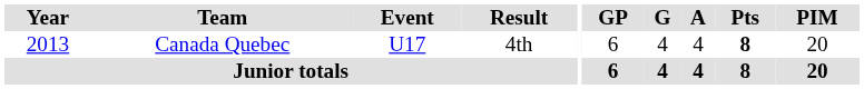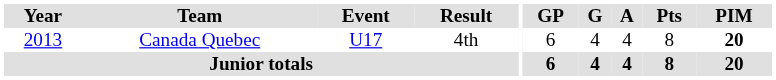 <table border="0" cellpadding="1" cellspacing="0" ID="Table3" style="text-align:center; width:40em;">
 <tr bgcolor="#e0e0e0">
 <th>Year</th>
 <th>Team</th>
 <th>Event</th>
 <th>Result</th>
 <th rowspan="102" bgcolor="#ffffff"></th>
 <th>GP</th>
 <th>G</th>
 <th>A</th>
 <th>Pts</th>
 <th>PIM</th>
 </tr>
 <tr>
 <td><a href='#'>2013</a></td>
 <td><a href='#'>Canada Quebec</a></td>
 <td><a href='#'>U17</a></td>
 <td>4th</td>
 <td>6</td>
 <td>4</td>
 <td>4</td>
-<td><strong>8</strong></td>
-<td>20</td>
+<td>8</td>
+<td><strong>20</strong></td>
 </tr>
 <tr bgcolor="#e0e0e0">
 <th colspan="4">Junior totals</th>
 <th>6</th>
 <th>4</th>
 <th>4</th>
 <th>8</th>
 <th>20</th>
 </tr>
 </table>
